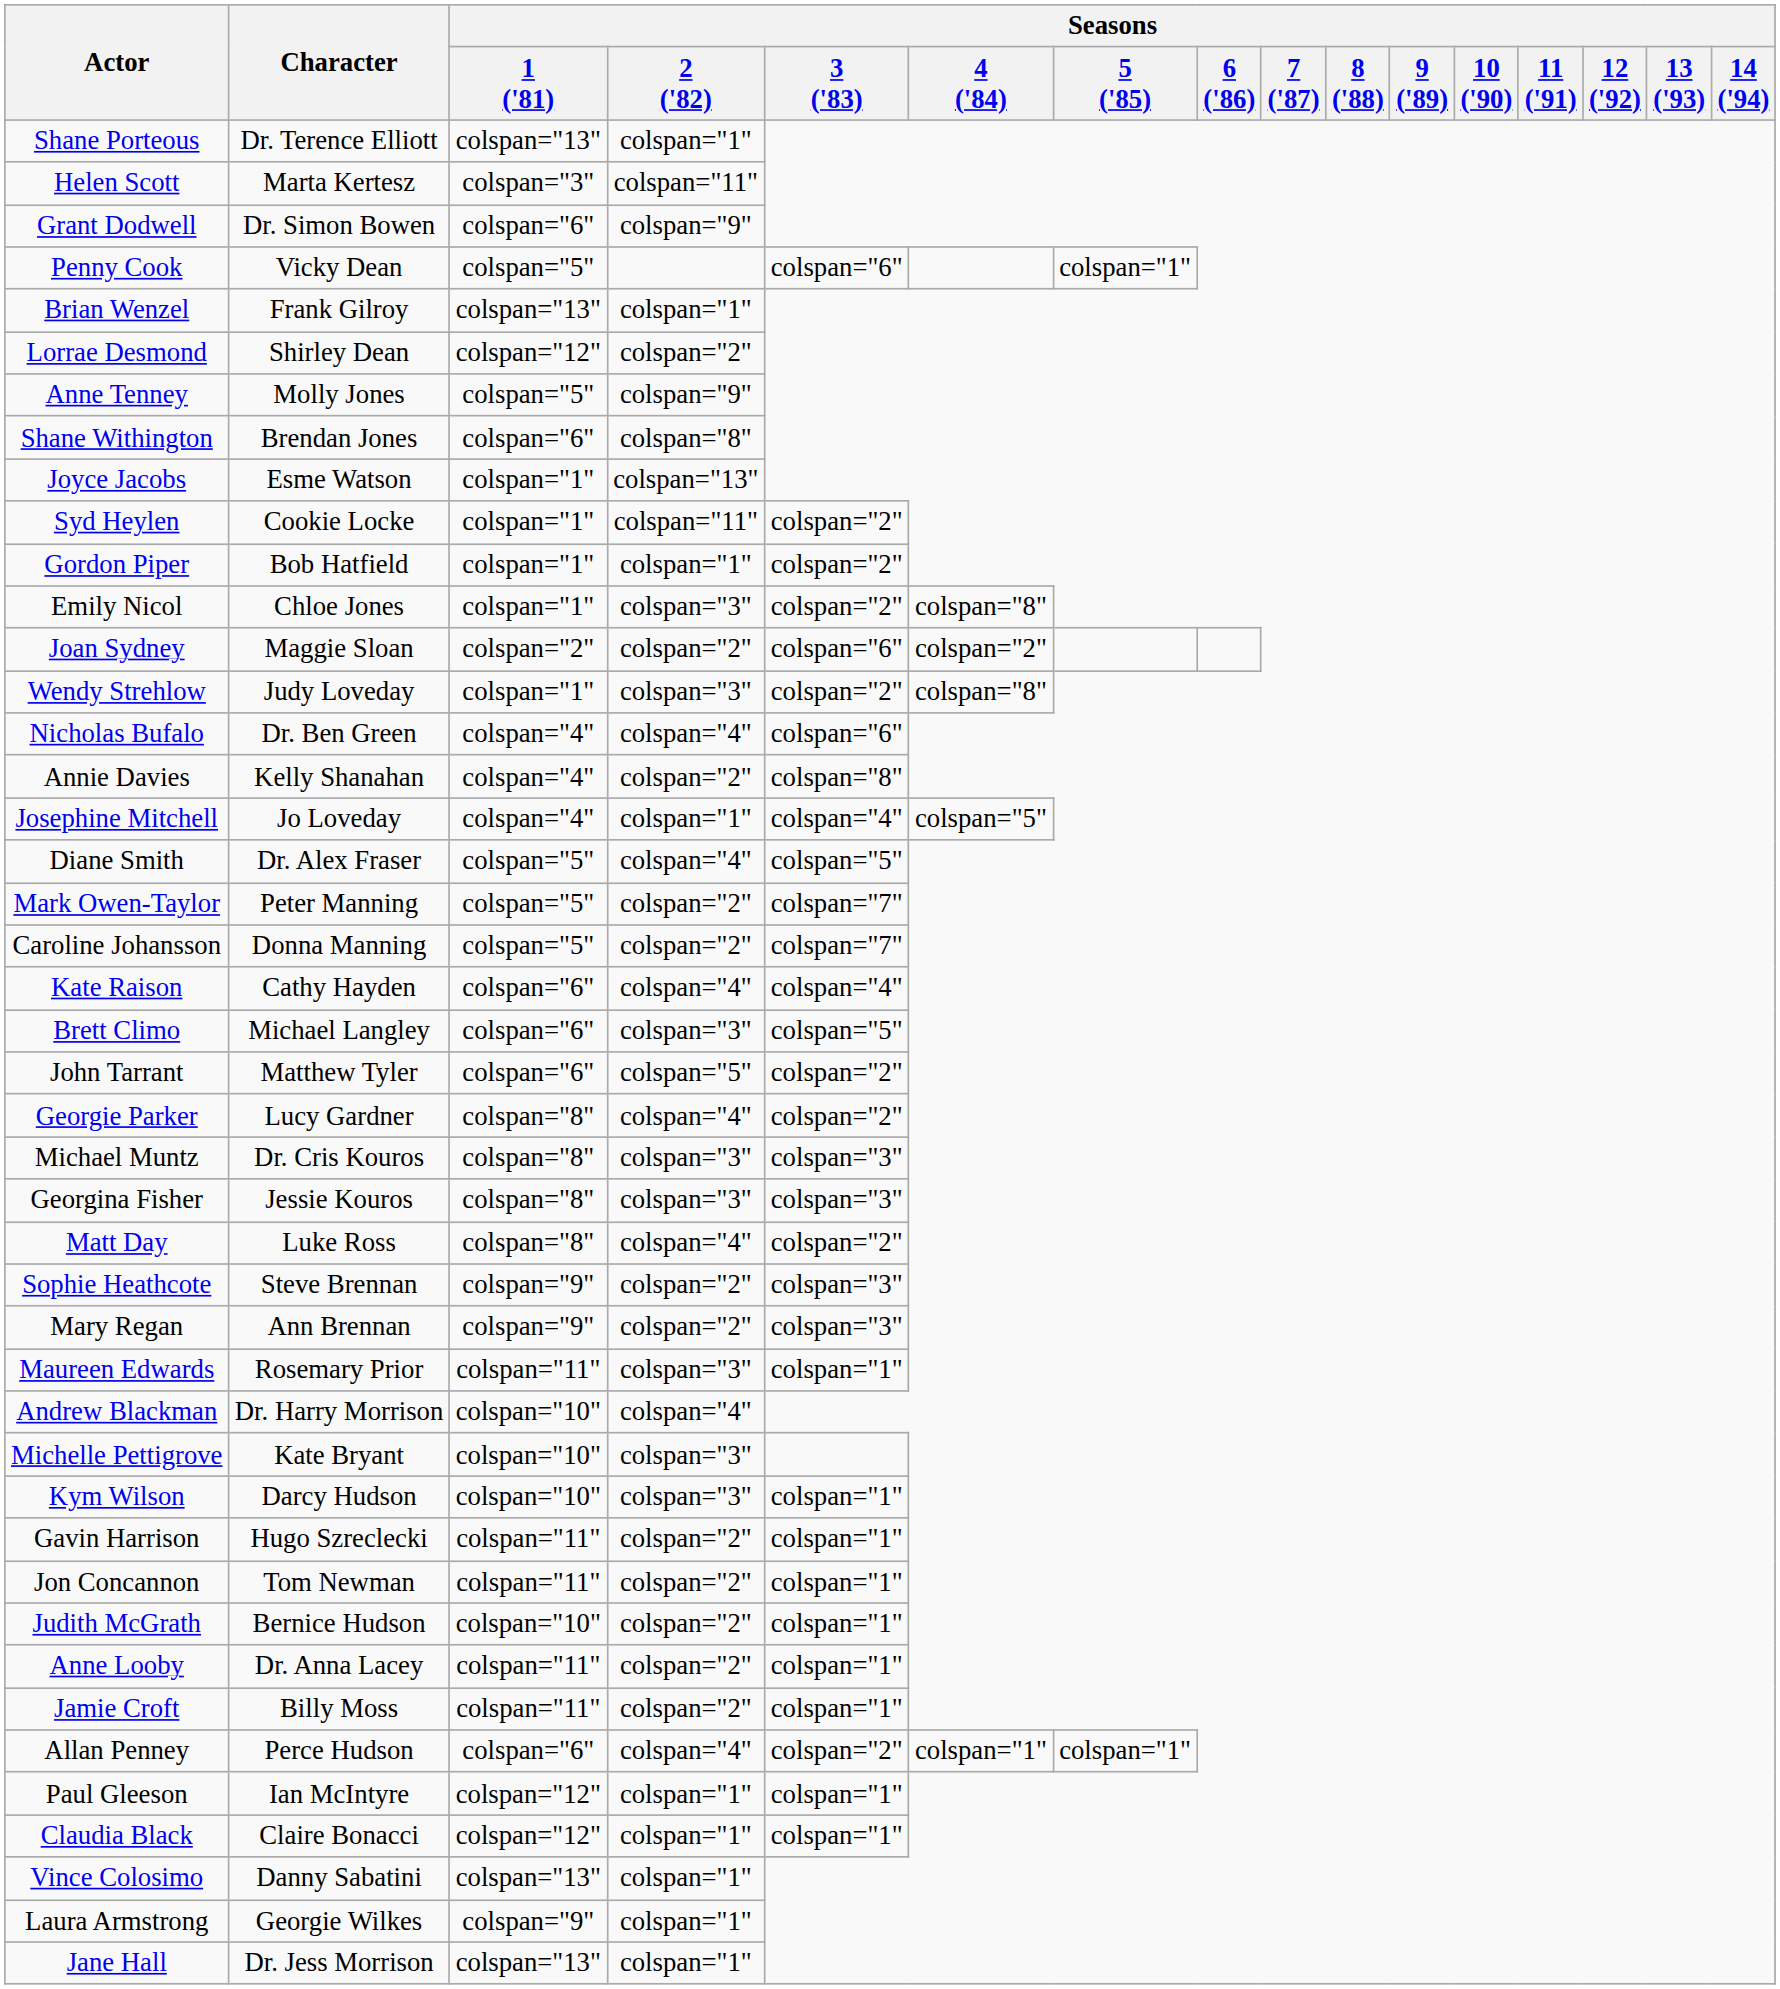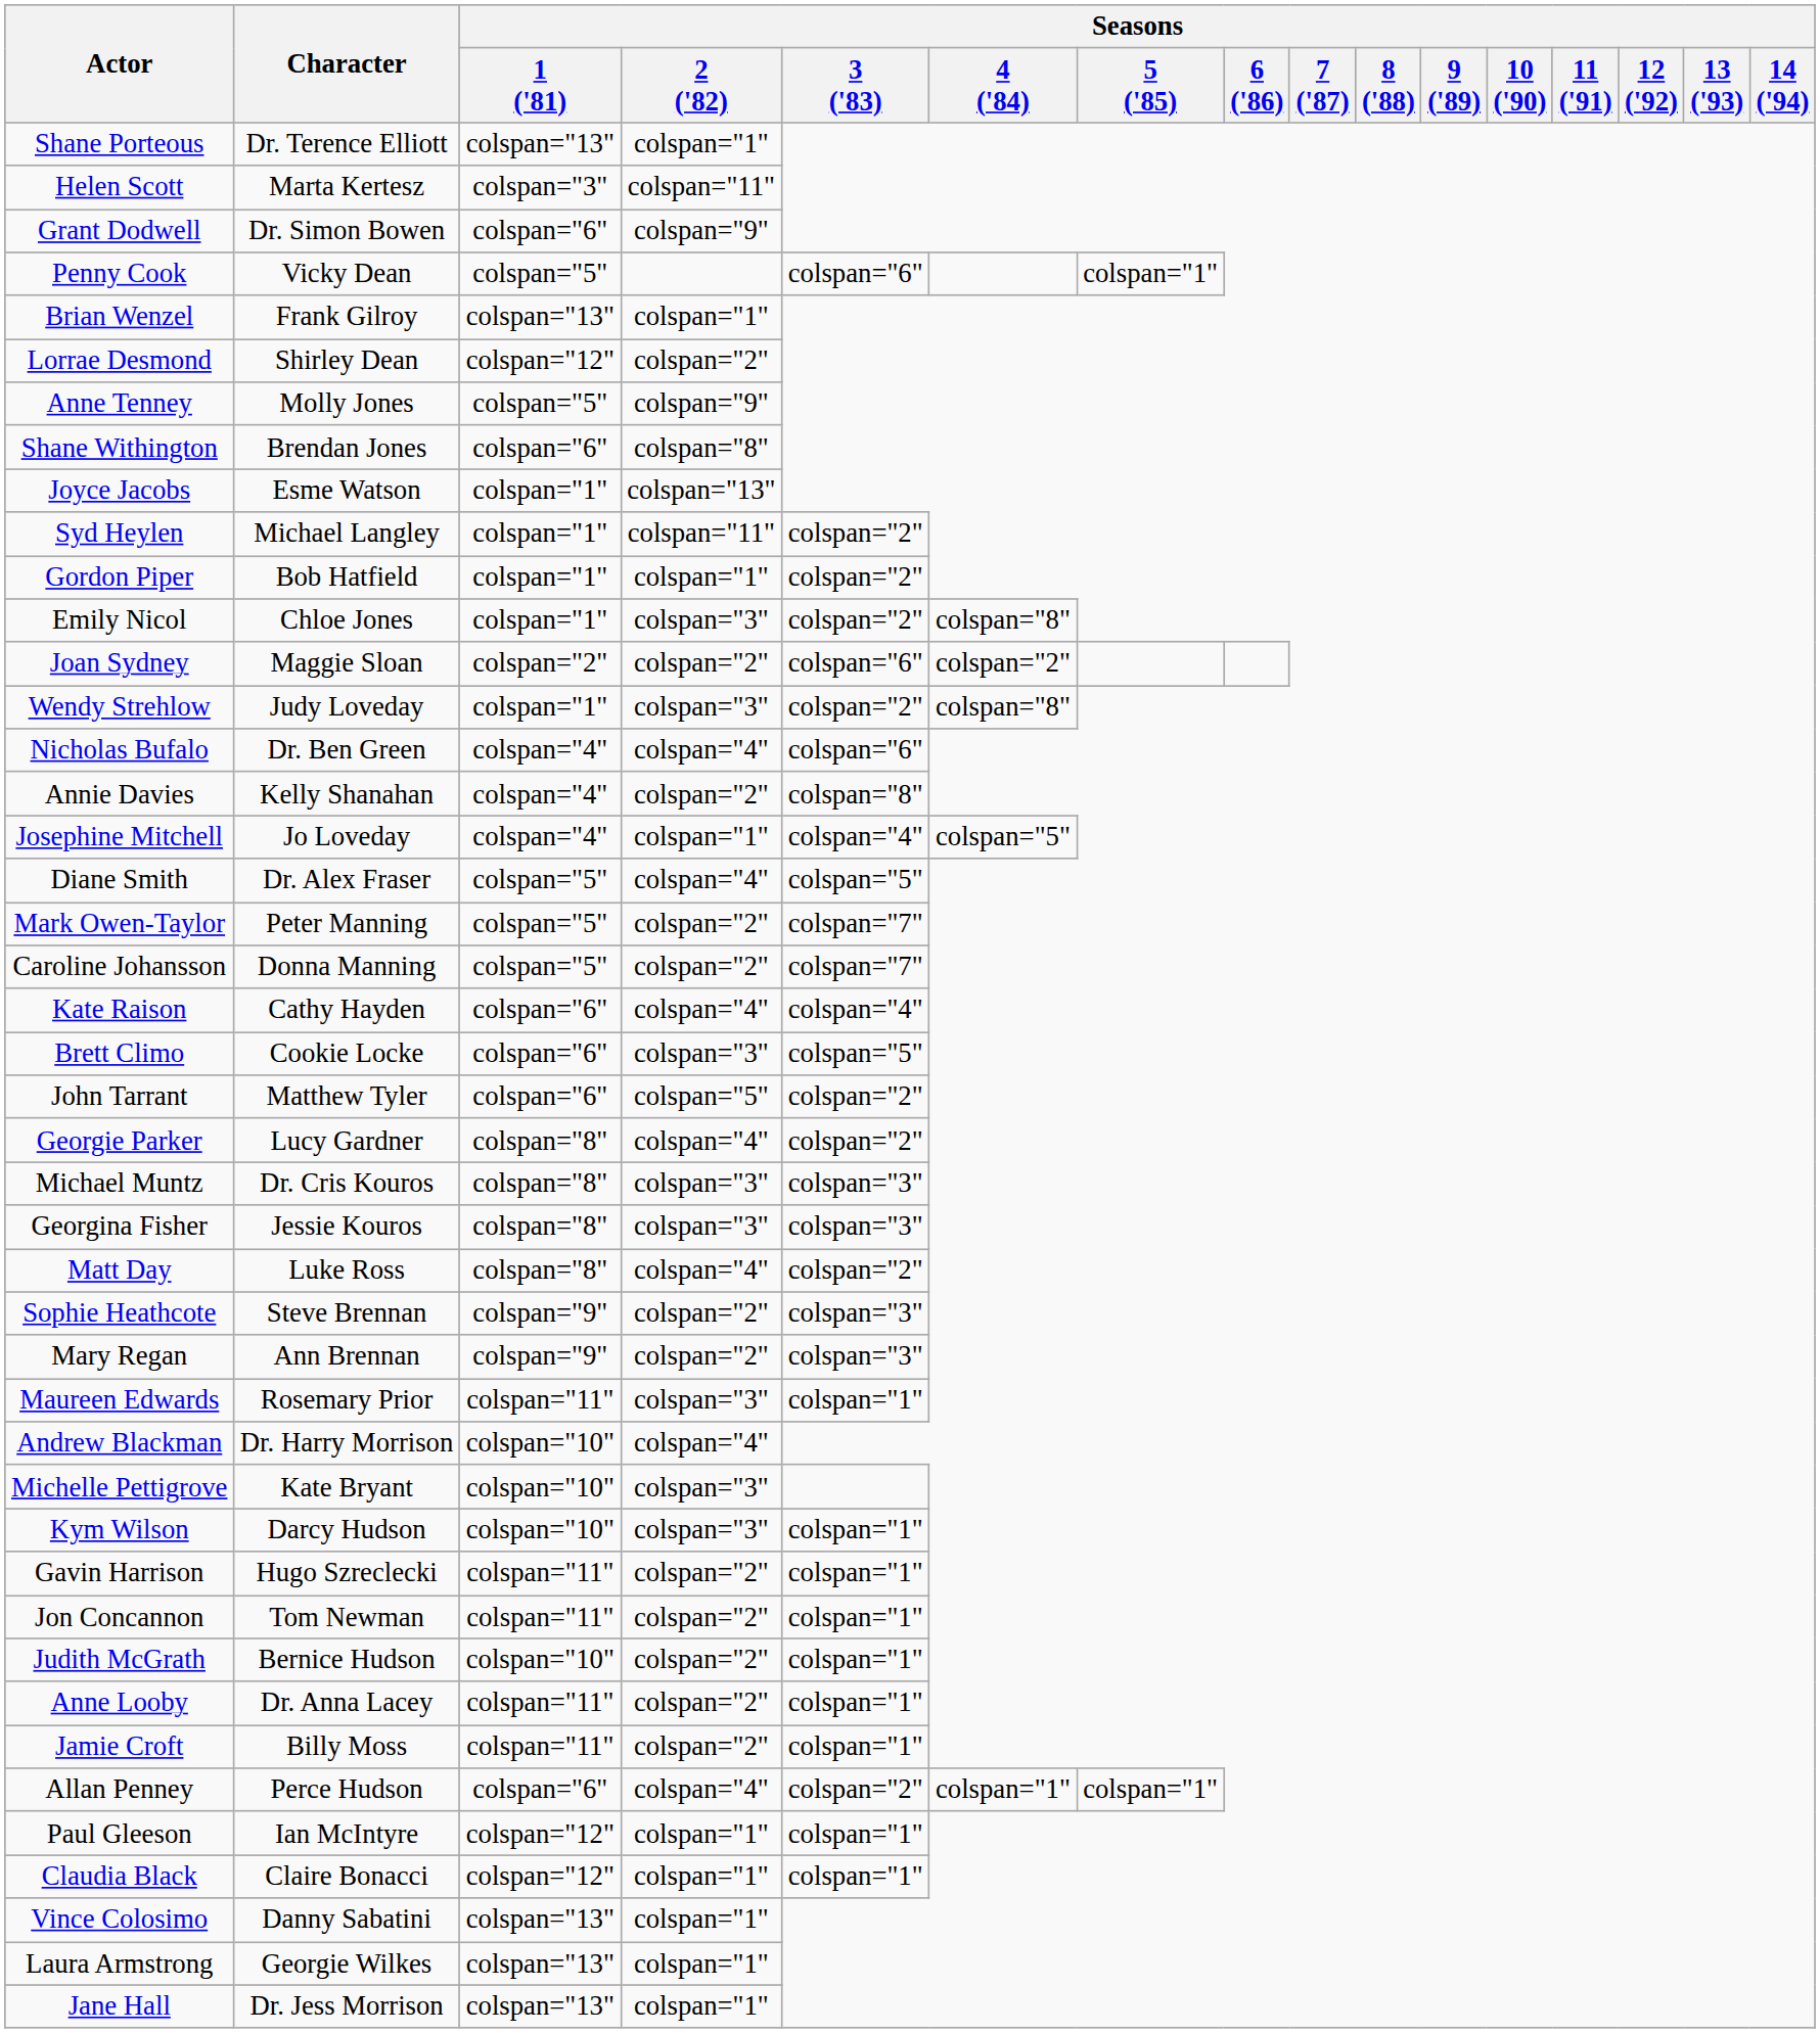 <table class="wikitable sortable" style="text-align:center">
 <tr>
 <th rowspan="2">Actor</th>
 <th rowspan="2">Character</th>
 <th colspan="15">Seasons</th>
 </tr>
 <tr>
 <th><a href='#'>1<br>('81)</a></th>
 <th><a href='#'>2<br>('82)</a></th>
 <th><a href='#'>3<br>('83)</a></th>
 <th><a href='#'>4<br>('84)</a></th>
 <th><a href='#'>5<br>('85)</a></th>
 <th><a href='#'>6<br>('86)</a></th>
 <th><a href='#'>7<br>('87)</a></th>
 <th><a href='#'>8<br>('88)</a></th>
 <th><a href='#'>9<br>('89)</a></th>
 <th><a href='#'>10<br>('90)</a></th>
 <th><a href='#'>11<br>('91)</a></th>
 <th><a href='#'>12<br>('92)</a></th>
 <th><a href='#'>13<br>('93)</a></th>
 <th><a href='#'>14<br>('94)</a></th>
 </tr>
 <tr>
 <td><a href='#'>Shane Porteous</a></td>
 <td>Dr. Terence Elliott</td>
 <td>colspan="13" </td>
 <td>colspan="1" </td>
 </tr>
 <tr>
 <td><a href='#'>Helen Scott</a></td>
 <td>Marta Kertesz</td>
 <td>colspan="3" </td>
 <td>colspan="11" </td>
 </tr>
 <tr>
 <td><a href='#'>Grant Dodwell</a></td>
 <td>Dr. Simon Bowen</td>
 <td>colspan="6" </td>
 <td>colspan="9" </td>
 </tr>
 <tr>
 <td><a href='#'>Penny Cook</a></td>
 <td>Vicky Dean</td>
 <td>colspan="5" </td>
 <td></td>
 <td>colspan="6" </td>
 <td></td>
 <td>colspan="1" </td>
 </tr>
 <tr>
 <td><a href='#'>Brian Wenzel</a></td>
 <td>Frank Gilroy</td>
 <td>colspan="13" </td>
 <td>colspan="1" </td>
 </tr>
 <tr>
 <td><a href='#'>Lorrae Desmond</a></td>
 <td>Shirley Dean</td>
 <td>colspan="12" </td>
 <td>colspan="2" </td>
 </tr>
 <tr>
 <td><a href='#'>Anne Tenney</a></td>
 <td>Molly Jones</td>
 <td>colspan="5" </td>
 <td>colspan="9" </td>
 </tr>
 <tr>
 <td><a href='#'>Shane Withington</a></td>
 <td>Brendan Jones</td>
 <td>colspan="6" </td>
 <td>colspan="8" </td>
 </tr>
 <tr>
 <td><a href='#'>Joyce Jacobs</a></td>
 <td>Esme Watson</td>
 <td>colspan="1" </td>
 <td>colspan="13" </td>
 </tr>
 <tr>
 <td><a href='#'>Syd Heylen</a></td>
-<td>Cookie Locke</td>
+<td>Michael Langley</td>
 <td>colspan="1" </td>
 <td>colspan="11" </td>
 <td>colspan="2" </td>
 </tr>
 <tr>
 <td><a href='#'>Gordon Piper</a></td>
 <td>Bob Hatfield</td>
 <td>colspan="1" </td>
 <td>colspan="1" </td>
 <td>colspan="2" </td>
 </tr>
 <tr>
 <td>Emily Nicol</td>
 <td>Chloe Jones</td>
 <td>colspan="1" </td>
 <td>colspan="3" </td>
 <td>colspan="2" </td>
 <td>colspan="8" </td>
 </tr>
 <tr>
 <td><a href='#'>Joan Sydney</a></td>
 <td>Maggie Sloan</td>
 <td>colspan="2" </td>
 <td>colspan="2" </td>
 <td>colspan="6" </td>
 <td>colspan="2" </td>
 <td></td>
 <td></td>
 </tr>
 <tr>
 <td><a href='#'>Wendy Strehlow</a></td>
 <td>Judy Loveday</td>
 <td>colspan="1" </td>
 <td>colspan="3" </td>
 <td>colspan="2" </td>
 <td>colspan="8" </td>
 </tr>
 <tr>
 <td><a href='#'>Nicholas Bufalo</a></td>
 <td>Dr. Ben Green</td>
 <td>colspan="4" </td>
 <td>colspan="4" </td>
 <td>colspan="6" </td>
 </tr>
 <tr>
 <td>Annie Davies</td>
 <td>Kelly Shanahan</td>
 <td>colspan="4" </td>
 <td>colspan="2" </td>
 <td>colspan="8" </td>
 </tr>
 <tr>
 <td><a href='#'>Josephine Mitchell</a></td>
 <td>Jo Loveday</td>
 <td>colspan="4" </td>
 <td>colspan="1" </td>
 <td>colspan="4" </td>
 <td>colspan="5" </td>
 </tr>
 <tr>
 <td>Diane Smith</td>
 <td>Dr. Alex Fraser</td>
 <td>colspan="5" </td>
 <td>colspan="4" </td>
 <td>colspan="5" </td>
 </tr>
 <tr>
 <td><a href='#'>Mark Owen-Taylor</a></td>
 <td>Peter Manning</td>
 <td>colspan="5" </td>
 <td>colspan="2" </td>
 <td>colspan="7" </td>
 </tr>
 <tr>
 <td>Caroline Johansson</td>
 <td>Donna Manning</td>
 <td>colspan="5" </td>
 <td>colspan="2" </td>
 <td>colspan="7" </td>
 </tr>
 <tr>
 <td><a href='#'>Kate Raison</a></td>
 <td>Cathy Hayden</td>
 <td>colspan="6" </td>
 <td>colspan="4" </td>
 <td>colspan="4" </td>
 </tr>
 <tr>
 <td><a href='#'>Brett Climo</a></td>
-<td>Michael Langley</td>
+<td>Cookie Locke</td>
 <td>colspan="6" </td>
 <td>colspan="3" </td>
 <td>colspan="5" </td>
 </tr>
 <tr>
 <td>John Tarrant</td>
 <td>Matthew Tyler</td>
 <td>colspan="6" </td>
 <td>colspan="5" </td>
 <td>colspan="2" </td>
 </tr>
 <tr>
 <td><a href='#'>Georgie Parker</a></td>
 <td>Lucy Gardner</td>
 <td>colspan="8" </td>
 <td>colspan="4" </td>
 <td>colspan="2" </td>
 </tr>
 <tr>
 <td>Michael Muntz</td>
 <td>Dr. Cris Kouros</td>
 <td>colspan="8" </td>
 <td>colspan="3" </td>
 <td>colspan="3" </td>
 </tr>
 <tr>
 <td>Georgina Fisher</td>
 <td>Jessie Kouros</td>
 <td>colspan="8" </td>
 <td>colspan="3" </td>
 <td>colspan="3" </td>
 </tr>
 <tr>
 <td><a href='#'>Matt Day</a></td>
 <td>Luke Ross</td>
 <td>colspan="8" </td>
 <td>colspan="4" </td>
 <td>colspan="2" </td>
 </tr>
 <tr>
 <td><a href='#'>Sophie Heathcote</a></td>
 <td>Steve Brennan</td>
 <td>colspan="9" </td>
 <td>colspan="2" </td>
 <td>colspan="3" </td>
 </tr>
 <tr>
 <td>Mary Regan</td>
 <td>Ann Brennan</td>
 <td>colspan="9" </td>
 <td>colspan="2" </td>
 <td>colspan="3" </td>
 </tr>
 <tr>
 <td><a href='#'>Maureen Edwards</a></td>
 <td>Rosemary Prior</td>
 <td>colspan="11" </td>
 <td>colspan="3" </td>
 <td>colspan="1" </td>
 </tr>
 <tr>
 <td><a href='#'>Andrew Blackman</a></td>
 <td>Dr. Harry Morrison</td>
 <td>colspan="10" </td>
 <td>colspan="4" </td>
 </tr>
 <tr>
 <td><a href='#'>Michelle Pettigrove</a></td>
 <td>Kate Bryant</td>
 <td>colspan="10" </td>
 <td>colspan="3" </td>
 <td></td>
 </tr>
 <tr>
 <td><a href='#'>Kym Wilson</a></td>
 <td>Darcy Hudson</td>
 <td>colspan="10" </td>
 <td>colspan="3" </td>
 <td>colspan="1" </td>
 </tr>
 <tr>
 <td>Gavin Harrison</td>
 <td>Hugo Szreclecki</td>
 <td>colspan="11" </td>
 <td>colspan="2" </td>
 <td>colspan="1" </td>
 </tr>
 <tr>
 <td>Jon Concannon</td>
 <td>Tom Newman</td>
 <td>colspan="11" </td>
 <td>colspan="2" </td>
 <td>colspan="1" </td>
 </tr>
 <tr>
 <td><a href='#'>Judith McGrath</a></td>
 <td>Bernice Hudson</td>
 <td>colspan="10" </td>
 <td>colspan="2" </td>
 <td>colspan="1" </td>
 </tr>
 <tr>
 <td><a href='#'>Anne Looby</a></td>
 <td>Dr. Anna Lacey</td>
 <td>colspan="11" </td>
 <td>colspan="2" </td>
 <td>colspan="1" </td>
 </tr>
 <tr>
 <td><a href='#'>Jamie Croft</a></td>
 <td>Billy Moss</td>
 <td>colspan="11" </td>
 <td>colspan="2" </td>
 <td>colspan="1" </td>
 </tr>
 <tr>
 <td>Allan Penney</td>
 <td>Perce Hudson</td>
 <td>colspan="6" </td>
 <td>colspan="4" </td>
 <td>colspan="2" </td>
 <td>colspan="1" </td>
 <td>colspan="1" </td>
 </tr>
 <tr>
 <td>Paul Gleeson</td>
 <td>Ian McIntyre</td>
 <td>colspan="12" </td>
 <td>colspan="1" </td>
 <td>colspan="1" </td>
 </tr>
 <tr>
 <td><a href='#'>Claudia Black</a></td>
 <td>Claire Bonacci</td>
 <td>colspan="12" </td>
 <td>colspan="1" </td>
 <td>colspan="1" </td>
 </tr>
 <tr>
 <td><a href='#'>Vince Colosimo</a></td>
 <td>Danny Sabatini</td>
 <td>colspan="13" </td>
 <td>colspan="1" </td>
 </tr>
 <tr>
 <td>Laura Armstrong</td>
 <td>Georgie Wilkes</td>
-<td>colspan="9" </td>
+<td>colspan="13" </td>
 <td>colspan="1" </td>
 </tr>
 <tr>
 <td><a href='#'>Jane Hall</a></td>
 <td>Dr. Jess Morrison</td>
 <td>colspan="13" </td>
 <td>colspan="1" </td>
 </tr>
 </table>
